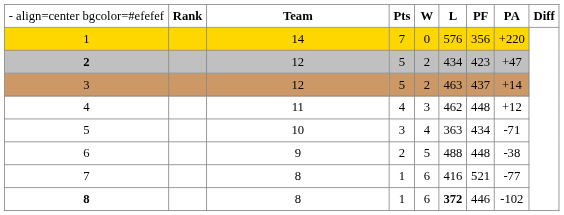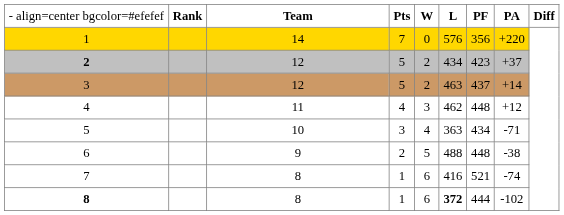 <table style=border-collapse:collapse border=1 cellspacing=0 cellpadding=5>
 <tr>
 <td>- align=center bgcolor=#efefef</td>
 <th width=20>Rank</th>
 <th width=220>Team</th>
 <th width=20>Pts</th>
 <th width=20>W</th>
 <th width=20>L</th>
 <th width=20>PF</th>
 <th width=20>PA</th>
 <th width=20>Diff</th>
 </tr>
 <tr align=center bgcolor=gold>
 <td>1</td>
 <td align=left></td>
 <td>14</td>
 <td>7</td>
 <td>0</td>
 <td>576</td>
 <td>356</td>
 <td>+220</td>
 </tr>
 <tr align=center bgcolor=silver>
 <td><strong>2</strong></td>
 <td align=left></td>
 <td>12</td>
 <td>5</td>
 <td>2</td>
 <td>434</td>
 <td>423</td>
-<td>+47</td>
+<td>+37</td>
 </tr>
 <tr align=center bgcolor=cc9966>
 <td>3</td>
 <td align=left></td>
 <td>12</td>
 <td>5</td>
 <td>2</td>
 <td>463</td>
 <td>437</td>
 <td>+14</td>
 </tr>
 <tr align=center>
 <td>4</td>
 <td align=left></td>
 <td>11</td>
 <td>4</td>
 <td>3</td>
 <td>462</td>
 <td>448</td>
 <td>+12</td>
 </tr>
 <tr align=center>
 <td>5</td>
 <td align=left></td>
 <td>10</td>
 <td>3</td>
 <td>4</td>
 <td>363</td>
 <td>434</td>
 <td>-71</td>
 </tr>
 <tr align=center>
 <td>6</td>
 <td align=left></td>
 <td>9</td>
 <td>2</td>
 <td>5</td>
 <td>488</td>
 <td>448</td>
 <td>-38</td>
 </tr>
 <tr align=center>
 <td>7</td>
 <td align=left></td>
 <td>8</td>
 <td>1</td>
 <td>6</td>
 <td>416</td>
 <td>521</td>
-<td>-77</td>
+<td>-74</td>
 </tr>
 <tr align=center>
 <td><strong>8</strong></td>
 <td align=left></td>
 <td>8</td>
 <td>1</td>
 <td>6</td>
 <td><strong>372</strong></td>
-<td>446</td>
+<td>444</td>
 <td>-102</td>
 </tr>
 </table>
